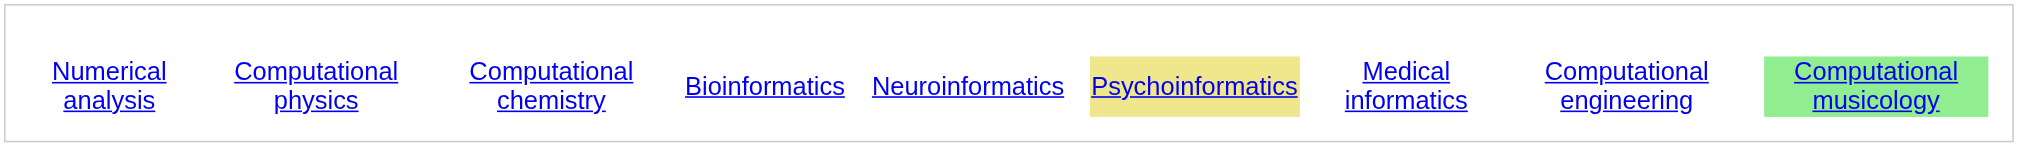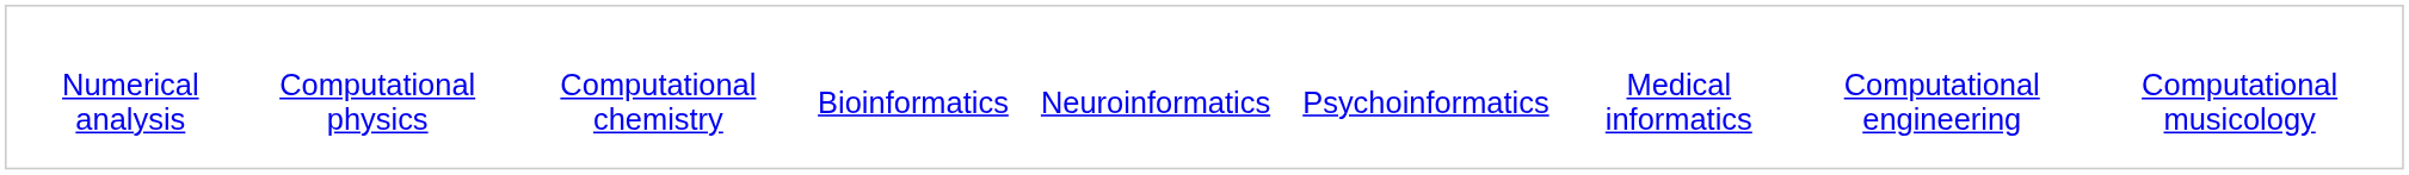 <table style="border:1px solid #ccc; text-align:center; margin:auto;" cellspacing="15">
 <tr>
 <td></td>
 <td></td>
 <td></td>
 <td></td>
 <td></td>
 <td></td>
 <td></td>
 <td></td>
 <td></td>
 </tr>
 <tr>
 <td><a href='#'>Numerical analysis</a></td>
 <td><a href='#'>Computational physics</a></td>
 <td><a href='#'>Computational chemistry</a></td>
 <td><a href='#'>Bioinformatics</a></td>
 <td><a href='#'>Neuroinformatics</a></td>
-<td style="background: khaki;"><a href='#'>Psychoinformatics</a></td>
+<td><a href='#'>Psychoinformatics</a></td>
 <td><a href='#'>Medical informatics</a></td>
 <td><a href='#'>Computational engineering</a></td>
-<td style="background: lightgreen;"><a href='#'>Computational musicology</a></td>
+<td><a href='#'>Computational musicology</a></td>
 </tr>
 </table>
